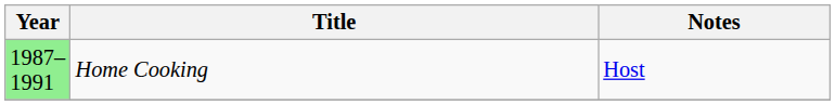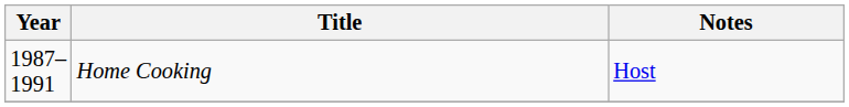 <table class="wikitable" style="width:600px">
 <tr>
 <th width=10>Year</th>
 <th>Title</th>
 <th>Notes</th>
 </tr>
 <tr>
-<td style="background: lightgreen;">1987–1991</td>
+<td>1987–1991</td>
 <td><em>Home Cooking</em> </td>
 <td><a href='#'>Host</a></td>
 </tr>
 <tr>
 </tr>
 </table>
